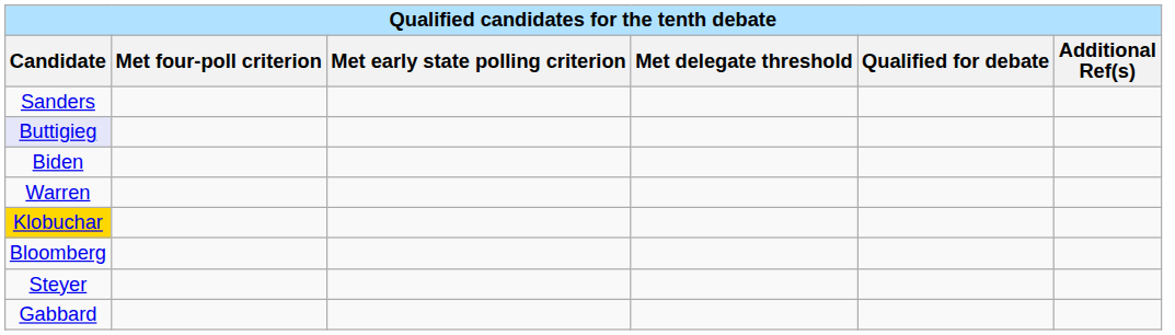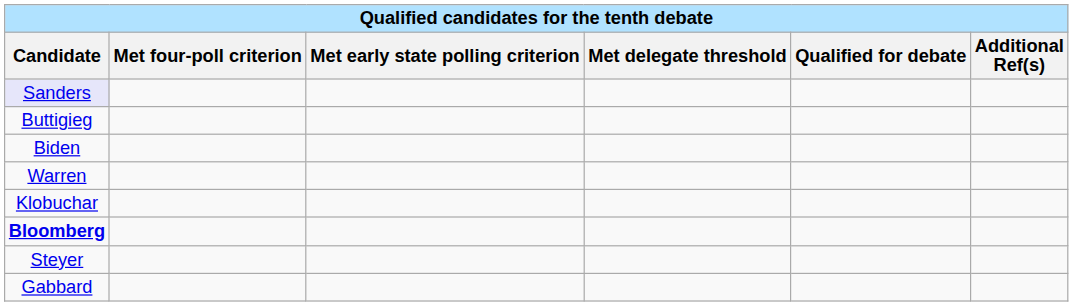 <table class="wikitable collapsible collapsed" style="text-align:center;font-size:95%;line-height:16px;">
 <tr>
 <td colspan="7" style="color:black; vertical-align:top; text-align:center; background-color:#B0E2FF;" class="table-no"><strong>Qualified candidates for the tenth debate</strong></td>
 </tr>
 <tr>
 <th>Candidate</th>
 <th>Met four-poll criterion<br></th>
 <th>Met early state polling criterion<br></th>
 <th>Met delegate threshold</th>
 <th>Qualified for debate</th>
 <th class="unsortable">Additional<br>Ref(s)</th>
 </tr>
 <tr>
-<td><a href='#'>Sanders</a></td>
+<td style="background: lavender;"><a href='#'>Sanders</a></td>
 <td><br></td>
 <td><br></td>
 <td><br></td>
 <td></td>
 <td></td>
 </tr>
 <tr>
-<td style="background: lavender;"><a href='#'>Buttigieg</a></td>
+<td><a href='#'>Buttigieg</a></td>
 <td><br></td>
 <td><br></td>
 <td><br></td>
 <td></td>
 <td></td>
 </tr>
 <tr>
 <td><a href='#'>Biden</a></td>
 <td><br></td>
 <td><br></td>
 <td><br></td>
 <td></td>
 <td></td>
 </tr>
 <tr>
 <td><a href='#'>Warren</a></td>
 <td><br></td>
 <td><br></td>
 <td><br></td>
 <td></td>
 <td></td>
 </tr>
 <tr>
-<td style="background: gold;"><a href='#'>Klobuchar</a></td>
+<td><a href='#'>Klobuchar</a></td>
 <td><br></td>
 <td><br></td>
 <td><br></td>
 <td></td>
 <td></td>
 </tr>
 <tr>
-<td><a href='#'>Bloomberg</a></td>
+<td><strong><a href='#'>Bloomberg</a></strong></td>
 <td><br></td>
 <td><br></td>
 <td><br></td>
 <td></td>
 <td></td>
 </tr>
 <tr>
 <td><a href='#'>Steyer</a></td>
 <td><br></td>
 <td><br></td>
 <td><br></td>
 <td></td>
 <td></td>
 </tr>
 <tr>
 <td><a href='#'>Gabbard</a></td>
 <td><br></td>
 <td><br></td>
 <td><br></td>
 <td></td>
 <td></td>
 </tr>
 </table>
